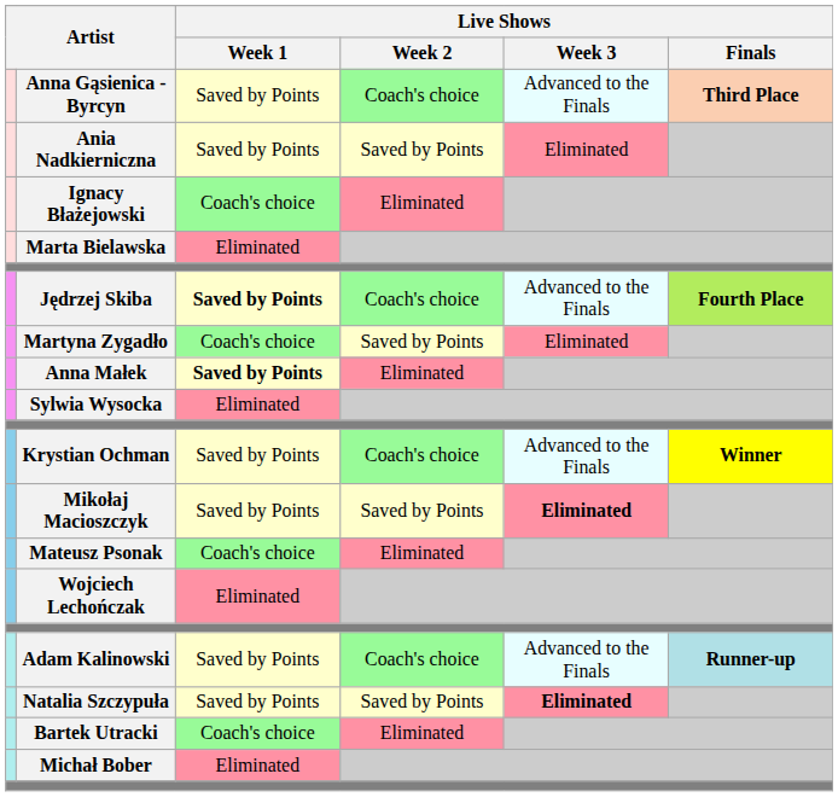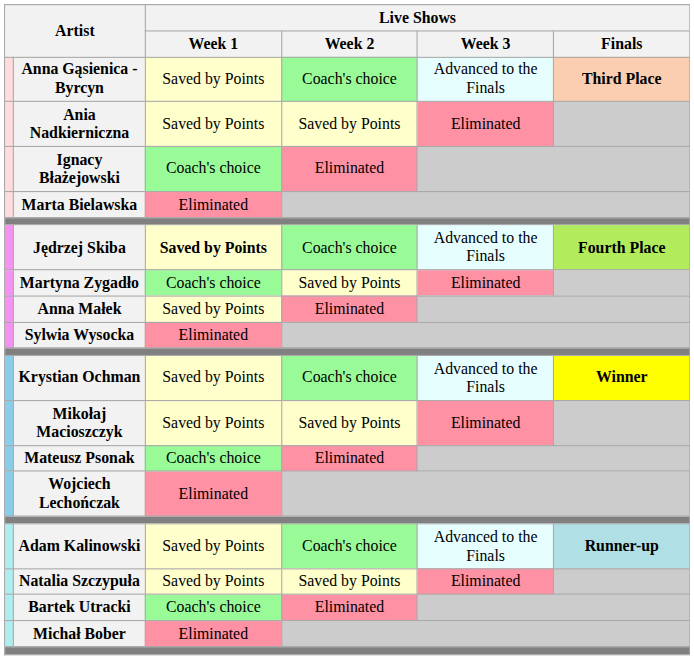 <table class="wikitable" style="font-size:90%; text-align:center; width:100%;">
 <tr>
 </tr>
 <tr>
 <th rowspan="2" colspan="2" width="16%">Artist</th>
 <th colspan="4" width="60%">Live Shows</th>
 </tr>
 <tr>
 <th width="16%">Week 1</th>
 <th width="16%">Week 2</th>
 <th width="16%">Week 3</th>
 <th width="16%">Finals</th>
 </tr>
 <tr>
 <th width="1%" style="background:#ffdddd;"></th>
 <th width="15%">Anna Gąsienica - Byrcyn</th>
 <td style="background:#FFFFCC">Saved by Points</td>
 <td style="background:palegreen">Coach's choice</td>
 <td style="background:#E7FEFF">Advanced to the Finals</td>
 <td style="background:#FBCEB1"><strong>Third Place</strong></td>
 </tr>
 <tr>
 <th width="1%" style="background:#ffdddd;"></th>
 <th width="10%">Ania Nadkierniczna</th>
 <td style="background:#FFFFCC">Saved by Points</td>
 <td style="background:#FFFFCC">Saved by Points</td>
 <td style="background:#FF91A4">Eliminated</td>
 <td style="background:#ccc;"></td>
 </tr>
 <tr>
 <th width="1%" style="background:#ffdddd;"></th>
 <th width="10%">Ignacy Błażejowski</th>
 <td style="background:palegreen">Coach's choice</td>
 <td style="background:#FF91A4;">Eliminated</td>
 <td colspan="2" style="background:#ccc;"></td>
 </tr>
 <tr>
 <th width="1%" style="background:#ffdddd;"></th>
 <th width="10%">Marta Bielawska</th>
 <td style="background:#FF91A4;">Eliminated</td>
 <td colspan="4" style="background:#ccc;"></td>
 </tr>
 <tr>
 <th colspan="6" style="background:grey;"></th>
 </tr>
 <tr>
 <th width="1%" style="background:#f791f3;"></th>
 <th width="10%">Jędrzej Skiba</th>
 <td style="background:#FFFFCC"><strong>Saved by Points</strong></td>
 <td style="background:palegreen">Coach's choice</td>
 <td style="background:#E7FEFF">Advanced to the Finals</td>
 <td style="background:#B2EC5D"><strong>Fourth Place</strong></td>
 </tr>
 <tr>
 <th width="1%" style="background:#f791f3;"></th>
 <th width="10%">Martyna Zygadło</th>
 <td style="background:palegreen">Coach's choice</td>
 <td style="background:#FFFFCC">Saved by Points</td>
 <td style="background:#FF91A4;">Eliminated</td>
 <td style="background:#ccc;"></td>
 </tr>
 <tr>
 <th width="1%" style="background:#f791f3;"></th>
 <th width="10%">Anna Małek</th>
-<td style="background:#FFFFCC"><strong>Saved by Points</strong></td>
+<td style="background:#FFFFCC">Saved by Points</td>
 <td style="background:#FF91A4;">Eliminated</td>
 <td colspan="2" style="background:#ccc;"></td>
 </tr>
 <tr>
 <th width="1%" style="background:#f791f3;"></th>
 <th width="10%">Sylwia Wysocka</th>
 <td style="background:#FF91A4;">Eliminated</td>
 <td colspan="4" style="background:#ccc;"></td>
 </tr>
 <tr>
 <th colspan="6" style="background:grey;"></th>
 </tr>
 <tr>
 <th width="1%" style="background:#87ceeb;"></th>
 <th width="10%">Krystian Ochman</th>
 <td style="background:#FFFFCC">Saved by Points</td>
 <td style="background:palegreen">Coach's choice</td>
 <td style="background:#E7FEFF">Advanced to the Finals</td>
 <td style="background:Yellow"><strong>Winner</strong></td>
 </tr>
 <tr>
 <th width="1%" style="background:#87ceeb;"></th>
 <th width="10%">Mikołaj Macioszczyk</th>
 <td style="background:#FFFFCC">Saved by Points</td>
 <td style="background:#FFFFCC">Saved by Points</td>
-<td style="background:#FF91A4"><strong>Eliminated</strong></td>
+<td style="background:#FF91A4">Eliminated</td>
 <td style="background:#ccc;"></td>
 </tr>
 <tr>
 <th width="1%" style="background:#87ceeb;"></th>
 <th width="10%">Mateusz Psonak</th>
 <td style="background:palegreen">Coach's choice</td>
 <td style="background:#FF91A4;">Eliminated</td>
 <td colspan="2" style="background:#ccc;"></td>
 </tr>
 <tr>
 <th width="1%" style="background:#87ceeb;"></th>
 <th width="10%">Wojciech Lechończak</th>
 <td style="background:#FF91A4;">Eliminated</td>
 <td colspan="4" style="background:#ccc;"></td>
 </tr>
 <tr>
 <th colspan="6" style="background:grey;"></th>
 </tr>
 <tr>
 <th width="1%" style="background:#afeeee;"></th>
 <th width="10%">Adam Kalinowski</th>
 <td style="background:#FFFFCC">Saved by Points</td>
 <td style="background:palegreen">Coach's choice</td>
 <td style="background:#E7FEFF">Advanced to the Finals</td>
 <td style="background:#B0E0E6"><strong>Runner-up</strong></td>
 </tr>
 <tr>
 <th width="1%" style="background:#afeeee;"></th>
 <th width="10%">Natalia Szczypuła</th>
 <td style="background:#FFFFCC">Saved by Points</td>
 <td style="background:#FFFFCC">Saved by Points</td>
-<td style="background:#FF91A4"><strong>Eliminated</strong></td>
+<td style="background:#FF91A4">Eliminated</td>
 <td style="background:#ccc;"></td>
 </tr>
 <tr>
 <th width="1%" style="background:#afeeee;"></th>
 <th width="10%">Bartek Utracki</th>
 <td style="background:palegreen">Coach's choice</td>
 <td style="background:#FF91A4;">Eliminated</td>
 <td colspan="2" style="background:#ccc;"></td>
 </tr>
 <tr>
 <th width="1%" style="background:#afeeee;"></th>
 <th width="10%">Michał Bober</th>
 <td style="background:#FF91A4;">Eliminated</td>
 <td colspan="4" style="background:#ccc;"></td>
 </tr>
 <tr>
 <th colspan="6" style="background:grey;"></th>
 </tr>
 <tr>
 </tr>
 </table>
